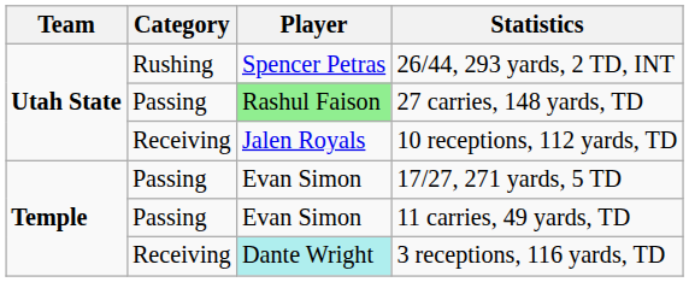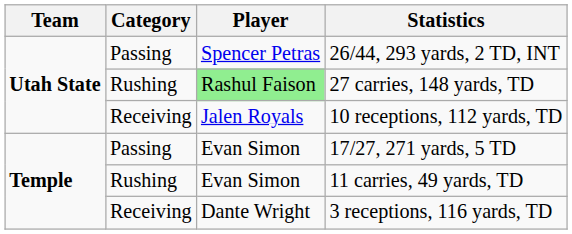 <table class="wikitable" style="float: right;">
 <tr>
 <th>Team</th>
 <th>Category</th>
 <th>Player</th>
 <th>Statistics</th>
 </tr>
 <tr>
 <td rowspan=3><strong>Utah State</strong></td>
-<td>Rushing</td>
+<td>Passing</td>
 <td><a href='#'>Spencer Petras</a></td>
 <td>26/44, 293 yards, 2 TD, INT</td>
 </tr>
 <tr>
-<td>Passing</td>
+<td>Rushing</td>
 <td style="background: lightgreen;">Rashul Faison</td>
 <td>27 carries, 148 yards, TD</td>
 </tr>
 <tr>
 <td>Receiving</td>
 <td><a href='#'>Jalen Royals</a></td>
 <td>10 receptions, 112 yards, TD</td>
 </tr>
 <tr>
 <td rowspan=3><strong>Temple</strong></td>
 <td>Passing</td>
 <td>Evan Simon</td>
 <td>17/27, 271 yards, 5 TD</td>
 </tr>
 <tr>
-<td>Passing</td>
+<td>Rushing</td>
 <td>Evan Simon</td>
 <td>11 carries, 49 yards, TD</td>
 </tr>
 <tr>
 <td>Receiving</td>
-<td style="background: paleturquoise;">Dante Wright</td>
+<td>Dante Wright</td>
 <td>3 receptions, 116 yards, TD</td>
 </tr>
 </table>
